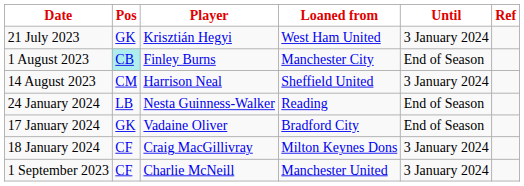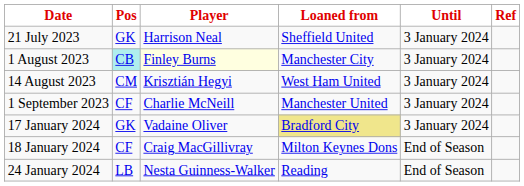 <table class="wikitable plainrowheaders sortable">
 <tr>
 <th style="background:white; color:#E00000; ">Date</th>
 <th style="background:white; color:#E00000; ">Pos</th>
 <th style="background:white; color:#E00000; ">Player</th>
 <th style="background:white; color:#E00000; ">Loaned from</th>
 <th style="background:white; color:#E00000; ">Until</th>
 <th style="background:white; color:#E00000; ">Ref</th>
 </tr>
 <tr>
 <td>21 July 2023</td>
 <td><a href='#'>GK</a></td>
-<td> <a href='#'>Krisztián Hegyi</a></td>
-<td> <a href='#'>West Ham United</a></td>
+<td> <a href='#'>Harrison Neal</a></td>
+<td> <a href='#'>Sheffield United</a></td>
 <td>3 January 2024</td>
 <td></td>
 </tr>
 <tr>
 <td>1 August 2023</td>
 <td style="background: paleturquoise;"><a href='#'>CB</a></td>
-<td> <a href='#'>Finley Burns</a></td>
+<td style="background: lightyellow;"> <a href='#'>Finley Burns</a></td>
 <td> <a href='#'>Manchester City</a></td>
-<td>End of Season</td>
+<td>3 January 2024</td>
 <td></td>
 </tr>
 <tr>
 <td>14 August 2023</td>
 <td><a href='#'>CM</a></td>
-<td> <a href='#'>Harrison Neal</a></td>
-<td> <a href='#'>Sheffield United</a></td>
-<td>3 January 2024</td>
-<td></td>
-</tr>
-<tr>
-<td>24 January 2024</td>
-<td><a href='#'>LB</a></td>
-<td> <a href='#'>Nesta Guinness-Walker</a></td>
-<td> <a href='#'>Reading</a></td>
-<td>End of Season</td>
-<td></td>
-</tr>
-<tr>
-<td>17 January 2024</td>
-<td><a href='#'>GK</a></td>
-<td> <a href='#'>Vadaine Oliver</a></td>
-<td> <a href='#'>Bradford City</a></td>
-<td>End of Season</td>
-<td></td>
-</tr>
-<tr>
-<td>18 January 2024</td>
-<td><a href='#'>CF</a></td>
-<td> <a href='#'>Craig MacGillivray</a></td>
-<td> <a href='#'>Milton Keynes Dons</a></td>
+<td> <a href='#'>Krisztián Hegyi</a></td>
+<td> <a href='#'>West Ham United</a></td>
 <td>3 January 2024</td>
 <td></td>
 </tr>
 <tr>
 <td>1 September 2023</td>
 <td><a href='#'>CF</a></td>
 <td> <a href='#'>Charlie McNeill</a></td>
 <td> <a href='#'>Manchester United</a></td>
 <td>3 January 2024</td>
 <td></td>
 </tr>
+<tr>
+<td>17 January 2024</td>
+<td><a href='#'>GK</a></td>
+<td> <a href='#'>Vadaine Oliver</a></td>
+<td style="background: khaki;"> <a href='#'>Bradford City</a></td>
+<td>3 January 2024</td>
+<td></td>
+</tr>
+<tr>
+<td>18 January 2024</td>
+<td><a href='#'>CF</a></td>
+<td> <a href='#'>Craig MacGillivray</a></td>
+<td> <a href='#'>Milton Keynes Dons</a></td>
+<td>End of Season</td>
+<td></td>
+</tr>
+<tr>
+<td>24 January 2024</td>
+<td><a href='#'>LB</a></td>
+<td> <a href='#'>Nesta Guinness-Walker</a></td>
+<td> <a href='#'>Reading</a></td>
+<td>End of Season</td>
+<td></td>
+</tr>
 </table>
